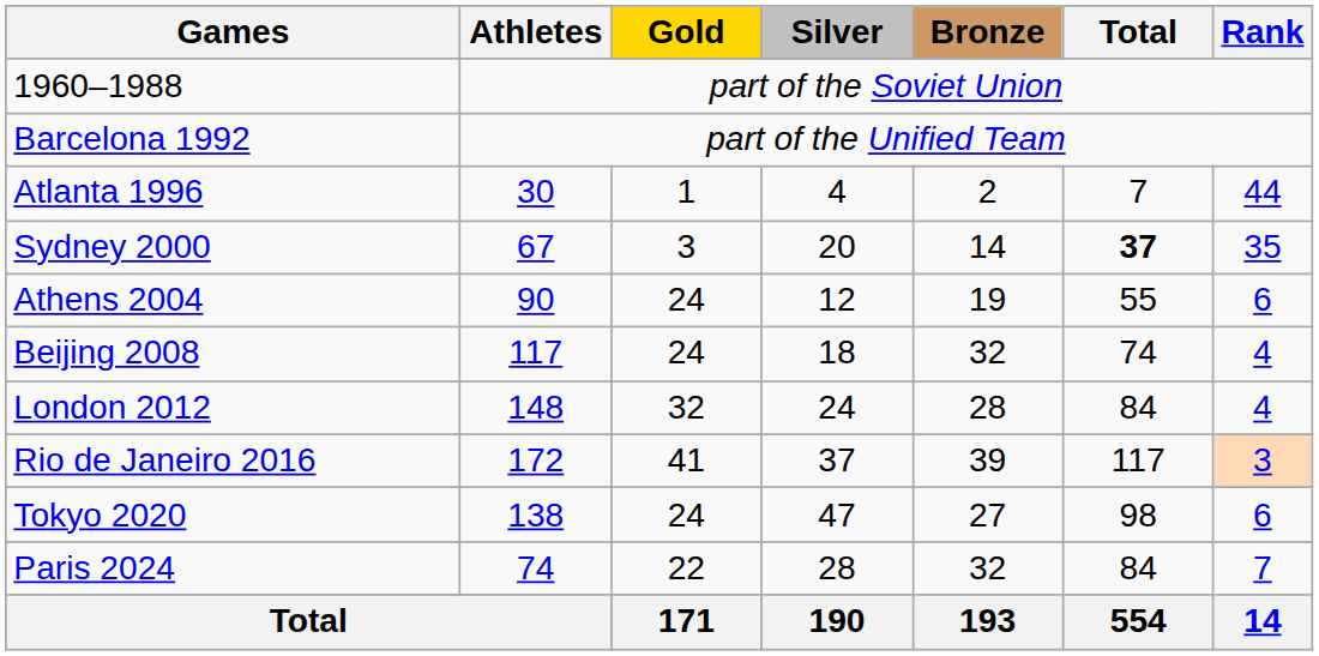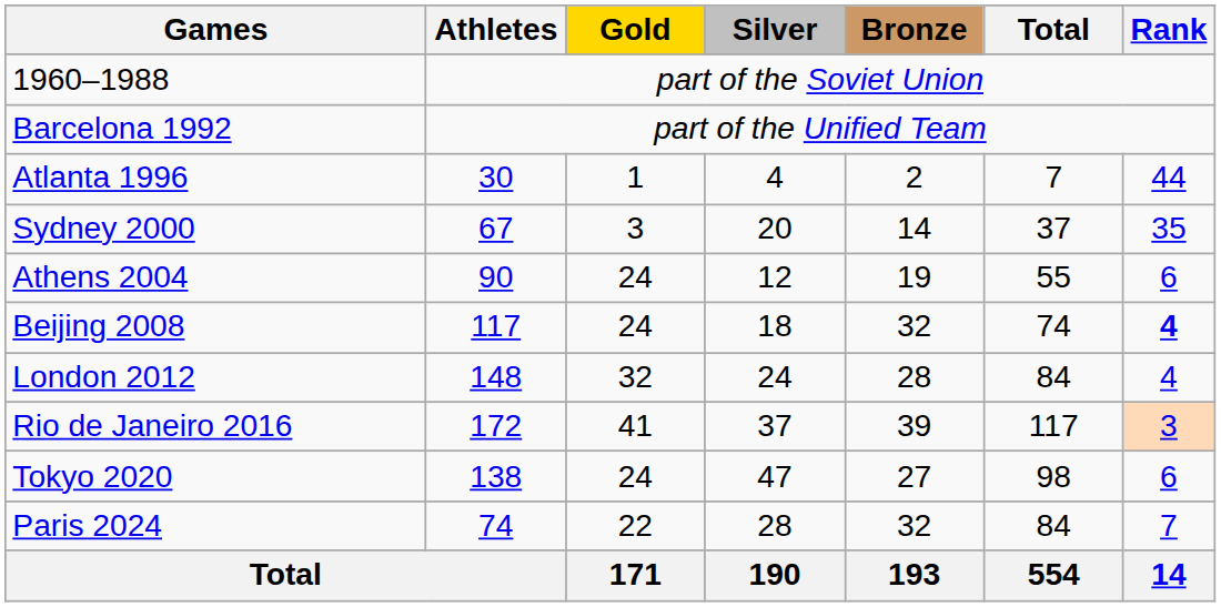 <table class="wikitable" style="text-align:center; font-size:100%;">
 <tr>
 <th style="width:13em;">Games</th>
 <th style="width:4em;">Athletes</th>
 <th style="width:4em; background:gold;">Gold</th>
 <th style="width:4em; background:silver;">Silver</th>
 <th style="width:4em; background:#cc9966;">Bronze</th>
 <th style="width:4em;">Total</th>
 <th style="width:2em;"><a href='#'>Rank</a></th>
 </tr>
 <tr>
 <td align=left>1960–1988</td>
 <td colspan=6><em>part of the <a href='#'>Soviet Union</a></em></td>
 </tr>
 <tr>
 <td align=left> <a href='#'>Barcelona 1992</a></td>
 <td colspan=6><em>part of the <a href='#'>Unified Team</a></em></td>
 </tr>
 <tr>
 <td align=left> <a href='#'>Atlanta 1996</a></td>
 <td><a href='#'>30</a></td>
 <td>1</td>
 <td>4</td>
 <td>2</td>
 <td>7</td>
 <td><a href='#'>44</a></td>
 </tr>
 <tr>
 <td align=left> <a href='#'>Sydney 2000</a></td>
 <td><a href='#'>67</a></td>
 <td>3</td>
 <td>20</td>
 <td>14</td>
-<td><strong>37</strong></td>
+<td>37</td>
 <td><a href='#'>35</a></td>
 </tr>
 <tr>
 <td align=left> <a href='#'>Athens 2004</a></td>
 <td><a href='#'>90</a></td>
 <td>24</td>
 <td>12</td>
 <td>19</td>
 <td>55</td>
 <td><a href='#'>6</a></td>
 </tr>
 <tr>
 <td align=left> <a href='#'>Beijing 2008</a></td>
 <td><a href='#'>117</a></td>
 <td>24</td>
 <td>18</td>
 <td>32</td>
 <td>74</td>
-<td><a href='#'>4</a></td>
+<td><strong><a href='#'>4</a></strong></td>
 </tr>
 <tr>
 <td align=left> <a href='#'>London 2012</a></td>
 <td><a href='#'>148</a></td>
 <td>32</td>
 <td>24</td>
 <td>28</td>
 <td>84</td>
 <td><a href='#'>4</a></td>
 </tr>
 <tr>
 <td align=left> <a href='#'>Rio de Janeiro 2016</a></td>
 <td><a href='#'>172</a></td>
 <td>41</td>
 <td>37</td>
 <td>39</td>
 <td>117</td>
 <td bgcolor=ffdab9><a href='#'>3</a></td>
 </tr>
 <tr>
 <td align=left> <a href='#'>Tokyo 2020</a></td>
 <td><a href='#'>138</a></td>
 <td>24</td>
 <td>47</td>
 <td>27</td>
 <td>98</td>
 <td><a href='#'>6</a></td>
 </tr>
 <tr>
 <td align=left> <a href='#'>Paris 2024</a></td>
 <td><a href='#'>74</a></td>
 <td>22</td>
 <td>28</td>
 <td>32</td>
 <td>84</td>
 <td><a href='#'>7</a></td>
 </tr>
 <tr>
 <th colspan=2>Total</th>
 <th>171</th>
 <th>190</th>
 <th>193</th>
 <th>554</th>
 <th><a href='#'>14</a></th>
 </tr>
 </table>
